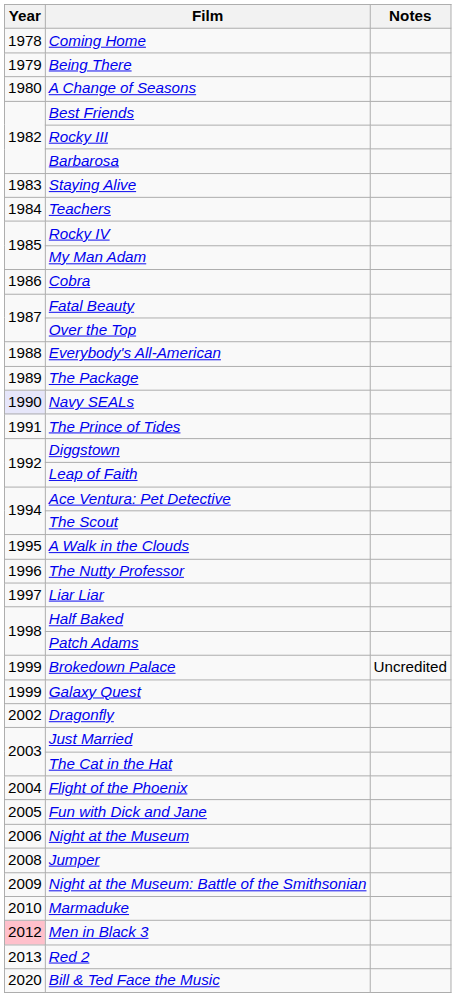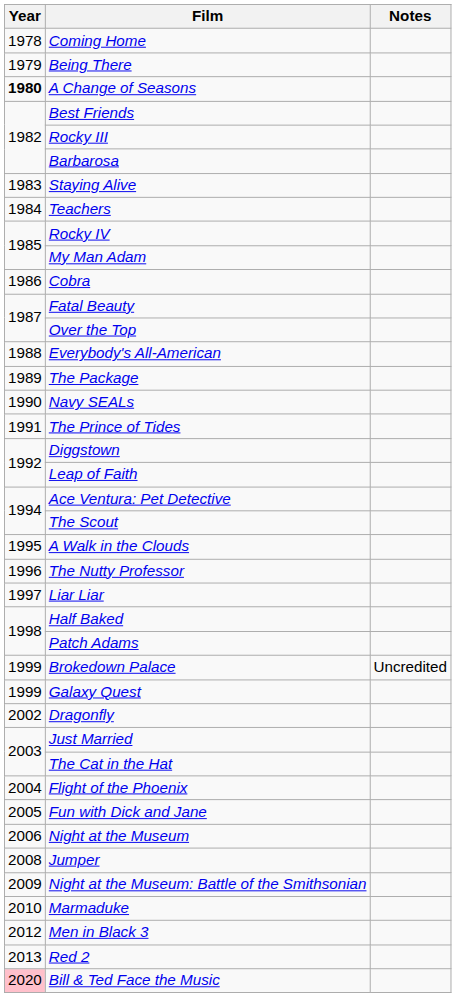 <table class="wikitable">
 <tr>
 <th>Year</th>
 <th>Film</th>
 <th>Notes</th>
 </tr>
 <tr>
 <td>1978</td>
 <td><em><a href='#'>Coming Home</a></em></td>
 <td></td>
 </tr>
 <tr>
 <td>1979</td>
 <td><em><a href='#'>Being There</a></em></td>
 <td></td>
 </tr>
 <tr>
-<td>1980</td>
+<td><strong>1980</strong></td>
 <td><em><a href='#'>A Change of Seasons</a></em></td>
 <td></td>
 </tr>
 <tr>
 <td rowspan="3">1982</td>
 <td><em><a href='#'>Best Friends</a></em></td>
 <td></td>
 </tr>
 <tr>
 <td><em><a href='#'>Rocky III</a></em></td>
 <td></td>
 </tr>
 <tr>
 <td><em><a href='#'>Barbarosa</a></em></td>
 <td></td>
 </tr>
 <tr>
 <td>1983</td>
 <td><em><a href='#'>Staying Alive</a></em></td>
 <td></td>
 </tr>
 <tr>
 <td>1984</td>
 <td><em><a href='#'>Teachers</a></em></td>
 <td></td>
 </tr>
 <tr>
 <td rowspan="2">1985</td>
 <td><em><a href='#'>Rocky IV</a></em></td>
 <td></td>
 </tr>
 <tr>
 <td><em><a href='#'>My Man Adam</a></em></td>
 <td></td>
 </tr>
 <tr>
 <td>1986</td>
 <td><em><a href='#'>Cobra</a></em></td>
 <td></td>
 </tr>
 <tr>
 <td rowspan="2">1987</td>
 <td><em><a href='#'>Fatal Beauty</a></em></td>
 <td></td>
 </tr>
 <tr>
 <td><em><a href='#'>Over the Top</a></em></td>
 <td></td>
 </tr>
 <tr>
 <td>1988</td>
 <td><em><a href='#'>Everybody's All-American</a></em></td>
 <td></td>
 </tr>
 <tr>
 <td>1989</td>
 <td><em><a href='#'>The Package</a></em></td>
 <td></td>
 </tr>
 <tr>
-<td style="background: lavender;">1990</td>
+<td>1990</td>
 <td><em><a href='#'>Navy SEALs</a></em></td>
 <td></td>
 </tr>
 <tr>
 <td>1991</td>
 <td><em><a href='#'>The Prince of Tides</a></em></td>
 <td></td>
 </tr>
 <tr>
 <td rowspan="2">1992</td>
 <td><em><a href='#'>Diggstown</a></em></td>
 <td></td>
 </tr>
 <tr>
 <td><em><a href='#'>Leap of Faith</a></em></td>
 <td></td>
 </tr>
 <tr>
 <td rowspan="2">1994</td>
 <td><em><a href='#'>Ace Ventura: Pet Detective</a></em></td>
 <td></td>
 </tr>
 <tr>
 <td><em><a href='#'>The Scout</a></em></td>
 <td></td>
 </tr>
 <tr>
 <td>1995</td>
 <td><em><a href='#'>A Walk in the Clouds</a></em></td>
 <td></td>
 </tr>
 <tr>
 <td>1996</td>
 <td><em><a href='#'>The Nutty Professor</a></em></td>
 <td></td>
 </tr>
 <tr>
 <td>1997</td>
 <td><em><a href='#'>Liar Liar</a></em></td>
 <td></td>
 </tr>
 <tr>
 <td rowspan="2">1998</td>
 <td><em><a href='#'>Half Baked</a></em></td>
 <td></td>
 </tr>
 <tr>
 <td><em><a href='#'>Patch Adams</a></em></td>
 <td></td>
 </tr>
 <tr>
 <td>1999</td>
 <td><em><a href='#'>Brokedown Palace</a></em></td>
 <td>Uncredited</td>
 </tr>
 <tr>
 <td>1999</td>
 <td><em><a href='#'>Galaxy Quest</a></em></td>
 <td></td>
 </tr>
 <tr>
 <td>2002</td>
 <td><em><a href='#'>Dragonfly</a></em></td>
 <td></td>
 </tr>
 <tr>
 <td rowspan="2">2003</td>
 <td><em><a href='#'>Just Married</a></em></td>
 <td></td>
 </tr>
 <tr>
 <td><em><a href='#'>The Cat in the Hat</a></em></td>
 <td></td>
 </tr>
 <tr>
 <td>2004</td>
 <td><em><a href='#'>Flight of the Phoenix</a></em></td>
 <td></td>
 </tr>
 <tr>
 <td>2005</td>
 <td><em><a href='#'>Fun with Dick and Jane</a></em></td>
 <td></td>
 </tr>
 <tr>
 <td>2006</td>
 <td><em><a href='#'>Night at the Museum</a></em></td>
 <td></td>
 </tr>
 <tr>
 <td>2008</td>
 <td><em><a href='#'>Jumper</a></em></td>
 <td></td>
 </tr>
 <tr>
 <td>2009</td>
 <td><em><a href='#'>Night at the Museum: Battle of the Smithsonian</a></em></td>
 <td></td>
 </tr>
 <tr>
 <td>2010</td>
 <td><em><a href='#'>Marmaduke</a></em></td>
 <td></td>
 </tr>
 <tr>
-<td style="background: pink;">2012</td>
+<td>2012</td>
 <td><em><a href='#'>Men in Black 3</a></em></td>
 <td></td>
 </tr>
 <tr>
 <td>2013</td>
 <td><em><a href='#'>Red 2</a></em></td>
 <td></td>
 </tr>
 <tr>
-<td>2020</td>
+<td style="background: pink;">2020</td>
 <td><em><a href='#'>Bill & Ted Face the Music</a></em></td>
 <td></td>
 </tr>
 </table>
